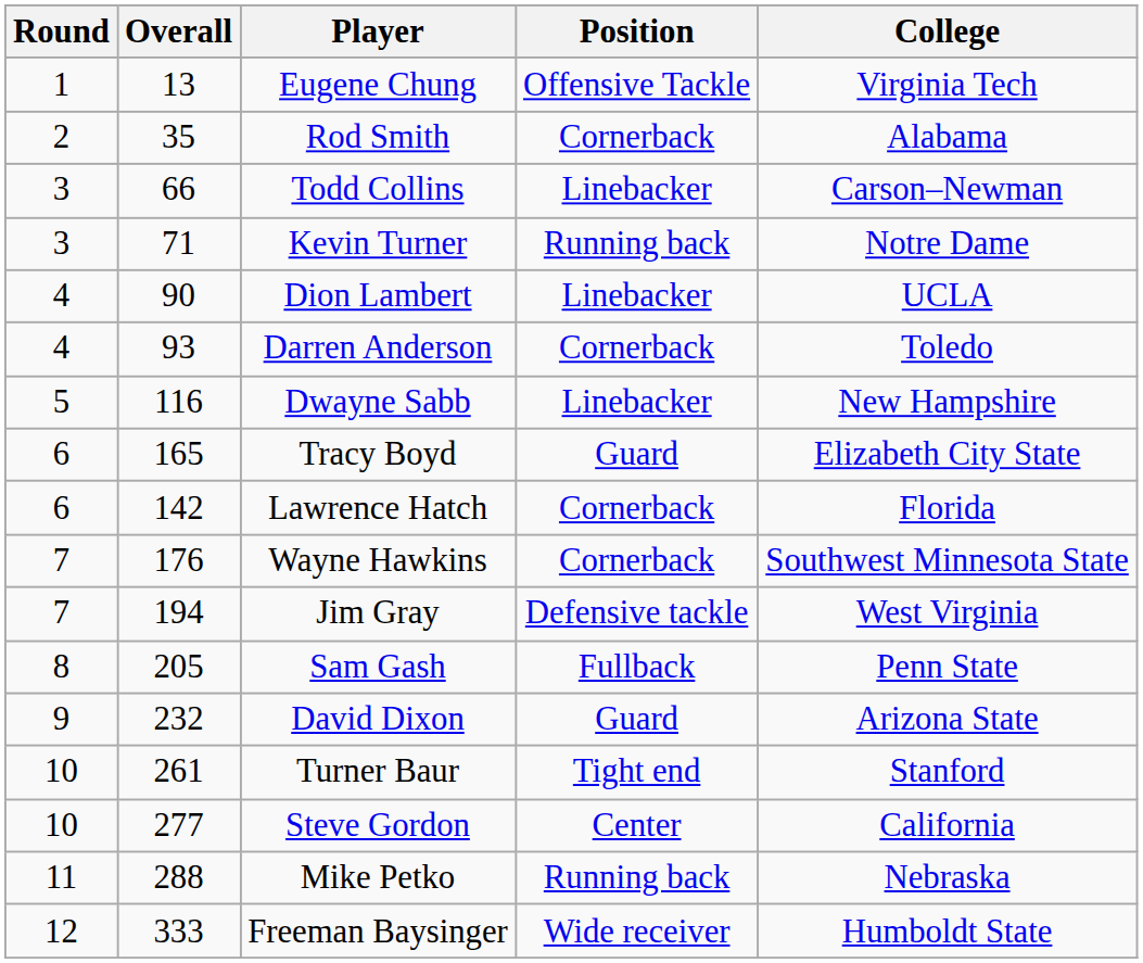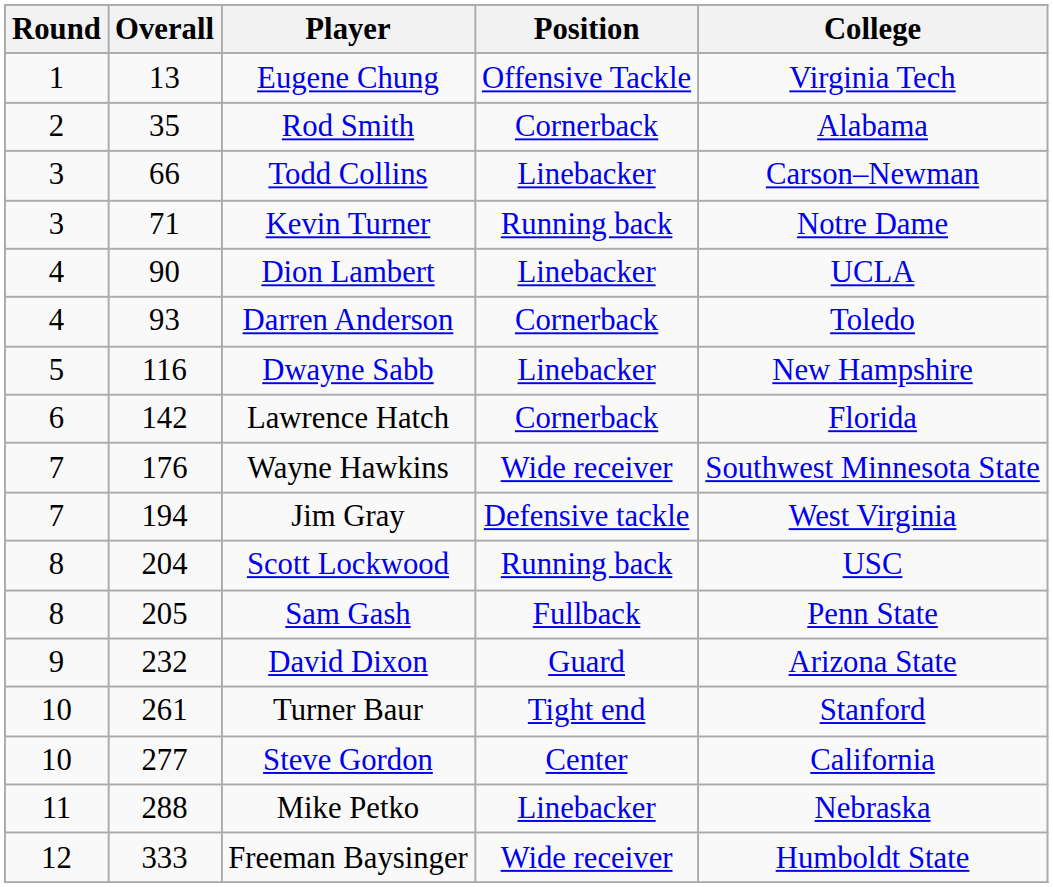 <table class="wikitable" style="text-align:center;">
 <tr>
 <th>Round</th>
 <th>Overall</th>
 <th>Player</th>
 <th>Position</th>
 <th>College</th>
 </tr>
 <tr>
 <td>1</td>
 <td>13</td>
 <td><a href='#'>Eugene Chung</a></td>
 <td><a href='#'>Offensive Tackle</a></td>
 <td><a href='#'>Virginia Tech</a></td>
 </tr>
 <tr>
 <td>2</td>
 <td>35</td>
 <td><a href='#'>Rod Smith</a></td>
 <td><a href='#'>Cornerback</a></td>
 <td><a href='#'>Alabama</a></td>
 </tr>
 <tr>
 <td>3</td>
 <td>66</td>
 <td><a href='#'>Todd Collins</a></td>
 <td><a href='#'>Linebacker</a></td>
 <td><a href='#'>Carson–Newman</a></td>
 </tr>
 <tr>
 <td>3</td>
 <td>71</td>
 <td><a href='#'>Kevin Turner</a></td>
 <td><a href='#'>Running back</a></td>
 <td><a href='#'>Notre Dame</a></td>
 </tr>
 <tr>
 <td>4</td>
 <td>90</td>
 <td><a href='#'>Dion Lambert</a></td>
 <td><a href='#'>Linebacker</a></td>
 <td><a href='#'>UCLA</a></td>
 </tr>
 <tr>
 <td>4</td>
 <td>93</td>
 <td><a href='#'>Darren Anderson</a></td>
 <td><a href='#'>Cornerback</a></td>
 <td><a href='#'>Toledo</a></td>
 </tr>
 <tr>
 <td>5</td>
 <td>116</td>
 <td><a href='#'>Dwayne Sabb</a></td>
 <td><a href='#'>Linebacker</a></td>
 <td><a href='#'>New Hampshire</a></td>
 </tr>
 <tr>
 <td>6</td>
-<td>165</td>
-<td>Tracy Boyd</td>
-<td><a href='#'>Guard</a></td>
-<td><a href='#'>Elizabeth City State</a></td>
-</tr>
-<tr>
-<td>6</td>
 <td>142</td>
 <td>Lawrence Hatch</td>
 <td><a href='#'>Cornerback</a></td>
 <td><a href='#'>Florida</a></td>
 </tr>
 <tr>
 <td>7</td>
 <td>176</td>
 <td>Wayne Hawkins</td>
-<td><a href='#'>Cornerback</a></td>
+<td><a href='#'>Wide receiver</a></td>
 <td><a href='#'>Southwest Minnesota State</a></td>
 </tr>
 <tr>
 <td>7</td>
 <td>194</td>
 <td>Jim Gray</td>
 <td><a href='#'>Defensive tackle</a></td>
 <td><a href='#'>West Virginia</a></td>
+</tr>
+<tr>
+<td>8</td>
+<td>204</td>
+<td><a href='#'>Scott Lockwood</a></td>
+<td><a href='#'>Running back</a></td>
+<td><a href='#'>USC</a></td>
 </tr>
 <tr>
 <td>8</td>
 <td>205</td>
 <td><a href='#'>Sam Gash</a></td>
 <td><a href='#'>Fullback</a></td>
 <td><a href='#'>Penn State</a></td>
 </tr>
 <tr>
 <td>9</td>
 <td>232</td>
 <td><a href='#'>David Dixon</a></td>
 <td><a href='#'>Guard</a></td>
 <td><a href='#'>Arizona State</a></td>
 </tr>
 <tr>
 <td>10</td>
 <td>261</td>
 <td>Turner Baur</td>
 <td><a href='#'>Tight end</a></td>
 <td><a href='#'>Stanford</a></td>
 </tr>
 <tr>
 <td>10</td>
 <td>277</td>
 <td><a href='#'>Steve Gordon</a></td>
 <td><a href='#'>Center</a></td>
 <td><a href='#'>California</a></td>
 </tr>
 <tr>
 <td>11</td>
 <td>288</td>
 <td>Mike Petko</td>
-<td><a href='#'>Running back</a></td>
+<td><a href='#'>Linebacker</a></td>
 <td><a href='#'>Nebraska</a></td>
 </tr>
 <tr>
 <td>12</td>
 <td>333</td>
 <td>Freeman Baysinger</td>
 <td><a href='#'>Wide receiver</a></td>
 <td><a href='#'>Humboldt State</a></td>
 </tr>
 <tr>
 </tr>
 </table>
